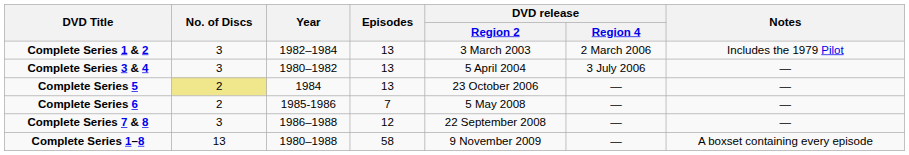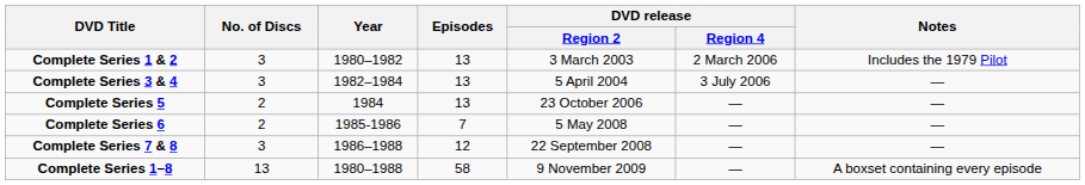 <table class="wikitable"  style="width:99%; left:0 auto; text-align:center;">
 <tr>
 <th rowspan="2">DVD Title</th>
 <th rowspan="2">No. of Discs</th>
 <th rowspan="2">Year</th>
 <th rowspan="2">Episodes</th>
 <th colspan="2">DVD release</th>
 <th colspan="2" rowspan="2">Notes</th>
 </tr>
 <tr>
 <th><a href='#'>Region 2</a></th>
 <th><a href='#'>Region 4</a></th>
 </tr>
 <tr>
 <td><strong>Complete Series <a href='#'>1</a> & <a href='#'>2</a></strong></td>
 <td>3</td>
-<td>1982–1984</td>
+<td>1980–1982</td>
 <td>13</td>
 <td>3 March 2003</td>
 <td>2 March 2006</td>
 <td>Includes the 1979 <a href='#'>Pilot</a></td>
 </tr>
 <tr>
 <td><strong>Complete Series <a href='#'>3</a> & <a href='#'>4</a></strong></td>
 <td>3</td>
-<td>1980–1982</td>
+<td>1982–1984</td>
 <td>13</td>
 <td>5 April 2004</td>
 <td>3 July 2006</td>
 <td>—</td>
 </tr>
 <tr>
 <td><strong>Complete Series <a href='#'>5</a></strong></td>
-<td style="background: khaki;">2</td>
+<td>2</td>
 <td>1984</td>
 <td>13</td>
 <td>23 October 2006</td>
 <td>—</td>
 <td>—</td>
 </tr>
 <tr>
 <td><strong>Complete Series <a href='#'>6</a></strong></td>
 <td>2</td>
 <td>1985-1986</td>
 <td>7</td>
 <td>5 May 2008</td>
 <td>—</td>
 <td>—</td>
 </tr>
 <tr>
 <td><strong>Complete Series <a href='#'>7</a> & <a href='#'>8</a></strong></td>
 <td>3</td>
 <td>1986–1988</td>
 <td>12</td>
 <td>22 September 2008</td>
 <td>—</td>
 <td>—</td>
 </tr>
 <tr>
 <td><strong>Complete Series <a href='#'>1</a>–<a href='#'>8</a></strong></td>
 <td>13</td>
 <td>1980–1988</td>
 <td>58</td>
 <td>9 November 2009</td>
 <td>—</td>
 <td>A boxset containing every episode</td>
 </tr>
 </table>
